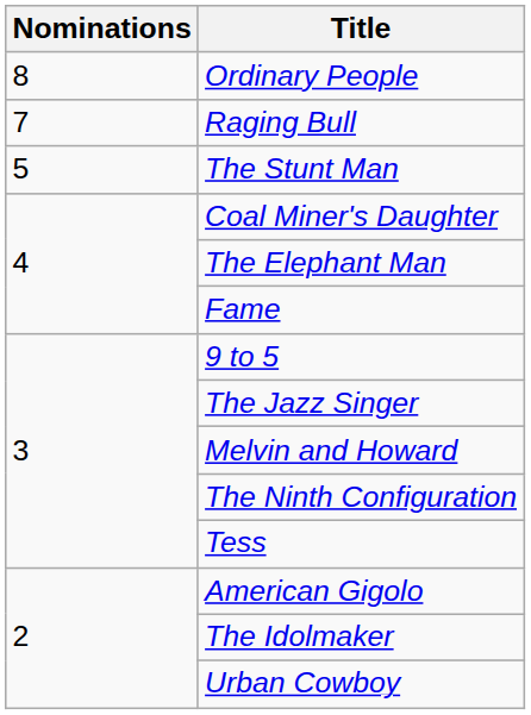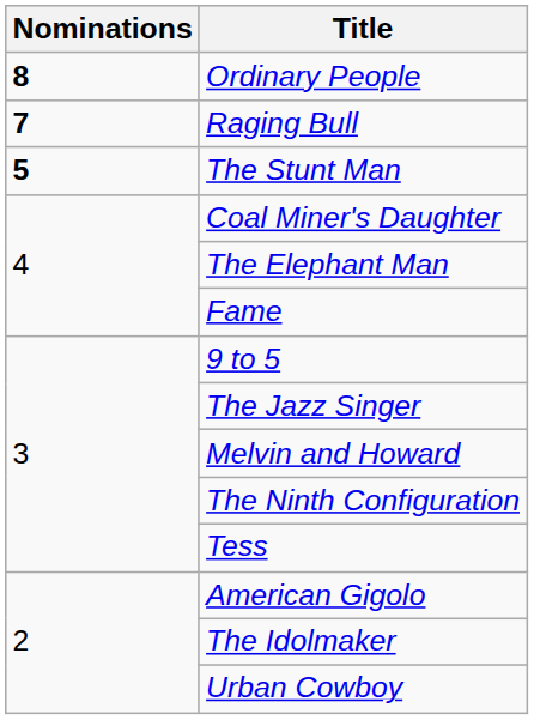 <table class="wikitable">
 <tr>
 <th>Nominations</th>
 <th>Title</th>
 </tr>
 <tr>
-<td>8</td>
+<td><strong>8</strong></td>
 <td><em><a href='#'>Ordinary People</a></em></td>
 </tr>
 <tr>
-<td>7</td>
+<td><strong>7</strong></td>
 <td><em><a href='#'>Raging Bull</a></em></td>
 </tr>
 <tr>
-<td>5</td>
+<td><strong>5</strong></td>
 <td><em><a href='#'>The Stunt Man</a></em></td>
 </tr>
 <tr>
 <td rowspan="3">4</td>
 <td><em><a href='#'>Coal Miner's Daughter</a></em></td>
 </tr>
 <tr>
 <td><em><a href='#'>The Elephant Man</a></em></td>
 </tr>
 <tr>
 <td><em><a href='#'>Fame</a></em></td>
 </tr>
 <tr>
 <td rowspan="5">3</td>
 <td><em><a href='#'>9 to 5</a></em></td>
 </tr>
 <tr>
 <td><em><a href='#'>The Jazz Singer</a></em></td>
 </tr>
 <tr>
 <td><em><a href='#'>Melvin and Howard</a></em></td>
 </tr>
 <tr>
 <td><em><a href='#'>The Ninth Configuration</a></em></td>
 </tr>
 <tr>
 <td><em><a href='#'>Tess</a></em></td>
 </tr>
 <tr>
 <td rowspan="3">2</td>
 <td><em><a href='#'>American Gigolo</a></em></td>
 </tr>
 <tr>
 <td><em><a href='#'>The Idolmaker</a></em></td>
 </tr>
 <tr>
 <td><em><a href='#'>Urban Cowboy</a></em></td>
 </tr>
 </table>
